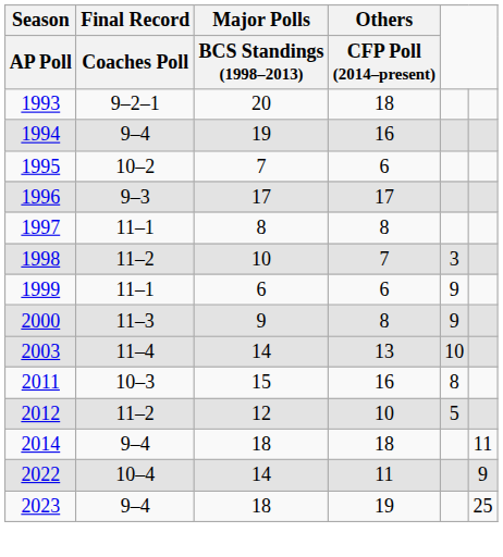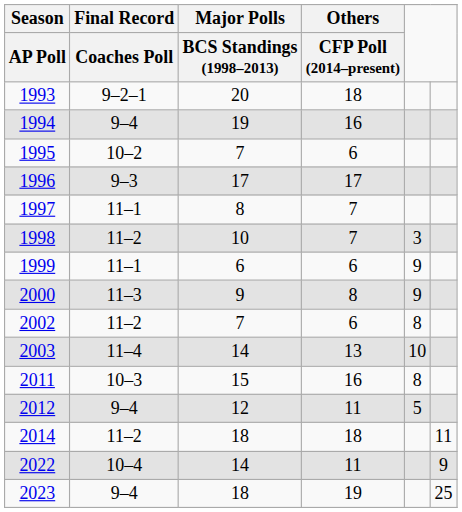 <table class="wikitable" style="text-align:center">
 <tr>
 <th>Season</th>
 <th>Final Record</th>
 <th>Major Polls</th>
 <th>Others</th>
 </tr>
 <tr>
 <th>AP Poll</th>
 <th>Coaches Poll</th>
 <th>BCS Standings<br><small>(1998–2013)</small></th>
 <th>CFP Poll<br><small>(2014–present)</small></th>
 </tr>
 <tr>
 <td><a href='#'>1993</a></td>
 <td>9–2–1</td>
 <td>20</td>
 <td>18</td>
 <td></td>
 <td></td>
 </tr>
 <tr style="background: #e3e3e3;">
 <td><a href='#'>1994</a></td>
 <td>9–4</td>
 <td>19</td>
 <td>16</td>
 <td></td>
 <td></td>
 </tr>
 <tr>
 <td><a href='#'>1995</a></td>
 <td>10–2</td>
 <td>7</td>
 <td>6</td>
 <td></td>
 <td></td>
 </tr>
 <tr style="background: #e3e3e3;">
 <td><a href='#'>1996</a></td>
 <td>9–3</td>
 <td>17</td>
 <td>17</td>
 <td></td>
 <td></td>
 </tr>
 <tr>
 <td><a href='#'>1997</a></td>
 <td>11–1</td>
 <td>8</td>
-<td>8</td>
+<td>7</td>
 <td></td>
 <td></td>
 </tr>
 <tr style="background: #e3e3e3;">
 <td><a href='#'>1998</a></td>
 <td>11–2</td>
 <td>10</td>
 <td>7</td>
 <td>3</td>
 <td></td>
 </tr>
 <tr>
 <td><a href='#'>1999</a></td>
 <td>11–1</td>
 <td>6</td>
 <td>6</td>
 <td>9</td>
 <td></td>
 </tr>
 <tr style="background: #e3e3e3;">
 <td><a href='#'>2000</a></td>
 <td>11–3</td>
 <td>9</td>
 <td>8</td>
 <td>9</td>
 <td></td>
 </tr>
+<tr>
+<td><a href='#'>2002</a></td>
+<td>11–2</td>
+<td>7</td>
+<td>6</td>
+<td>8</td>
+<td></td>
+</tr>
 <tr style="background: #e3e3e3;">
 <td><a href='#'>2003</a></td>
 <td>11–4</td>
 <td>14</td>
 <td>13</td>
 <td>10</td>
 <td></td>
 </tr>
 <tr>
 <td><a href='#'>2011</a></td>
 <td>10–3</td>
 <td>15</td>
 <td>16</td>
 <td>8</td>
 <td></td>
 </tr>
 <tr style="background: #e3e3e3;">
 <td><a href='#'>2012</a></td>
-<td>11–2</td>
+<td>9–4</td>
 <td>12</td>
-<td>10</td>
+<td>11</td>
 <td>5</td>
 <td></td>
 </tr>
 <tr>
 <td><a href='#'>2014</a></td>
-<td>9–4</td>
+<td>11–2</td>
 <td>18</td>
 <td>18</td>
 <td></td>
 <td>11</td>
 </tr>
 <tr style="background: #e3e3e3;">
 <td><a href='#'>2022</a></td>
 <td>10–4</td>
 <td>14</td>
 <td>11</td>
 <td></td>
 <td>9</td>
 </tr>
 <tr style="background:">
 <td><a href='#'>2023</a></td>
 <td>9–4</td>
 <td>18</td>
 <td>19</td>
 <td></td>
 <td>25</td>
 </tr>
 </table>
